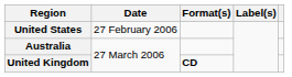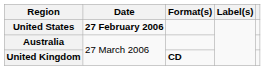 <table class="wikitable plainrowheaders">
 <tr>
 <th scope="col">Region</th>
 <th scope="col">Date</th>
 <th scope="col">Format(s)</th>
 <th scope="col">Label(s)</th>
 <th scope="col"></th>
 </tr>
 <tr>
 <th scope="row">United States</th>
-<td>27 February 2006</td>
+<td><strong>27 February 2006</strong></td>
 <td></td>
 <td rowspan="3"></td>
 <td></td>
 </tr>
 <tr>
 <th scope="row">Australia</th>
 <td rowspan="2">27 March 2006</td>
 <td></td>
 <td></td>
 </tr>
 <tr>
 <th scope="row">United Kingdom</th>
 <td><strong>CD</strong></td>
 <td></td>
 </tr>
 </table>
